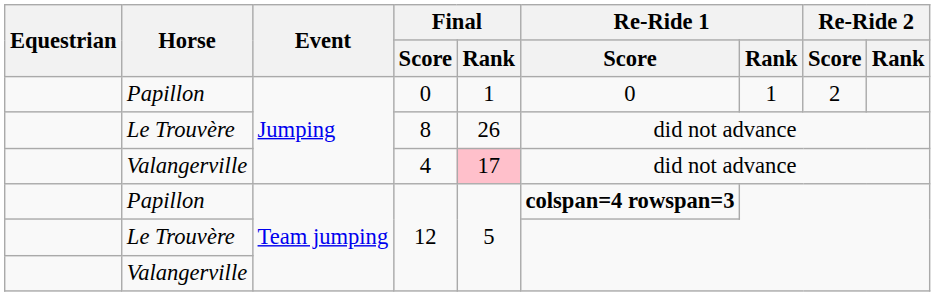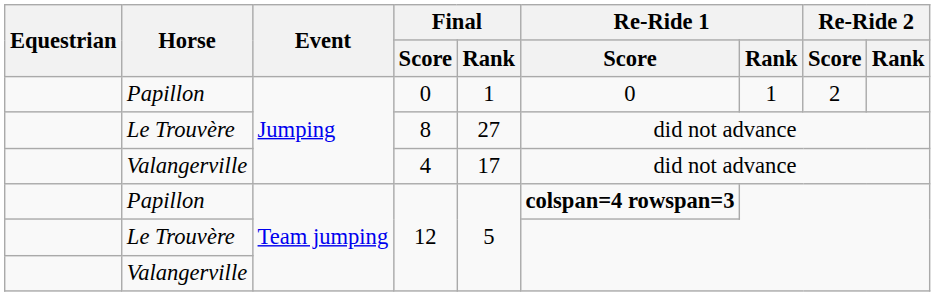 <table class="wikitable sortable" style="text-align:center">
 <tr>
 <th rowspan=2>Equestrian</th>
 <th rowspan=2>Horse</th>
 <th rowspan=2>Event</th>
 <th colspan=2>Final</th>
 <th colspan=2>Re-Ride 1</th>
 <th colspan=2>Re-Ride 2</th>
 </tr>
 <tr>
 <th>Score</th>
 <th>Rank</th>
 <th>Score</th>
 <th>Rank</th>
 <th>Score</th>
 <th>Rank</th>
 </tr>
 <tr>
 <td align=left><strong></strong></td>
 <td align=left><em>Papillon</em></td>
 <td align=left rowspan=3><a href='#'>Jumping</a></td>
 <td>0</td>
 <td>1</td>
 <td>0</td>
 <td>1</td>
 <td>2</td>
 <td></td>
 </tr>
 <tr>
 <td align=left></td>
 <td align=left><em>Le Trouvère</em></td>
 <td>8</td>
-<td>26</td>
+<td>27</td>
 <td colspan=4>did not advance</td>
 </tr>
 <tr>
 <td align=left></td>
 <td align=left><em>Valangerville</em></td>
 <td>4</td>
-<td style="background: pink;">17</td>
+<td>17</td>
 <td colspan=4>did not advance</td>
 </tr>
 <tr>
 <td align=left></td>
 <td align=left><em>Papillon</em></td>
 <td align=left rowspan=3><a href='#'>Team jumping</a></td>
 <td rowspan=3>12</td>
 <td rowspan=3>5</td>
 <td><strong>colspan=4 rowspan=3 </strong></td>
 </tr>
 <tr>
 <td align=left></td>
 <td align=left><em>Le Trouvère</em></td>
 </tr>
 <tr>
 <td align=left></td>
 <td align=left><em>Valangerville</em></td>
 </tr>
 </table>
